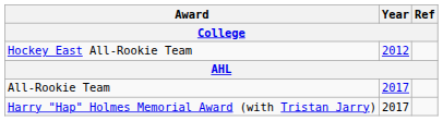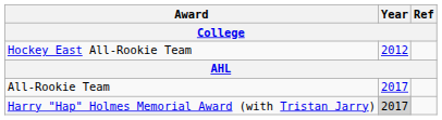 <table class="wikitable">
 <tr>
 <th>Award</th>
 <th>Year</th>
 <th>Ref</th>
 </tr>
 <tr>
 <th colspan="3"><a href='#'>College</a></th>
 </tr>
 <tr>
 <td><a href='#'>Hockey East</a> All-Rookie Team</td>
 <td><a href='#'>2012</a></td>
 <td></td>
 </tr>
 <tr>
 <th colspan="3"><a href='#'>AHL</a></th>
 </tr>
 <tr>
 <td>All-Rookie Team</td>
 <td><a href='#'>2017</a></td>
 <td></td>
 </tr>
 <tr>
 <td><a href='#'>Harry "Hap" Holmes Memorial Award</a> (with <a href='#'>Tristan Jarry</a>)</td>
-<td>2017</td>
+<td style="background: lightgrey;">2017</td>
 <td></td>
 </tr>
 </table>
